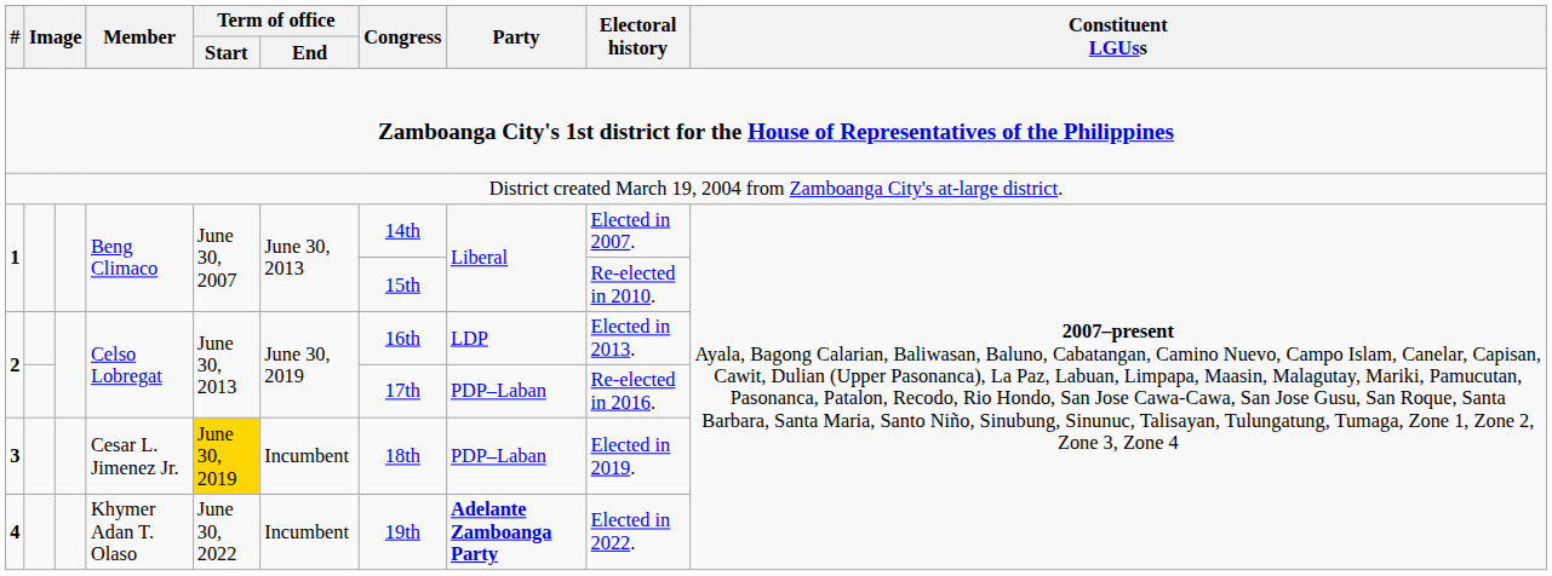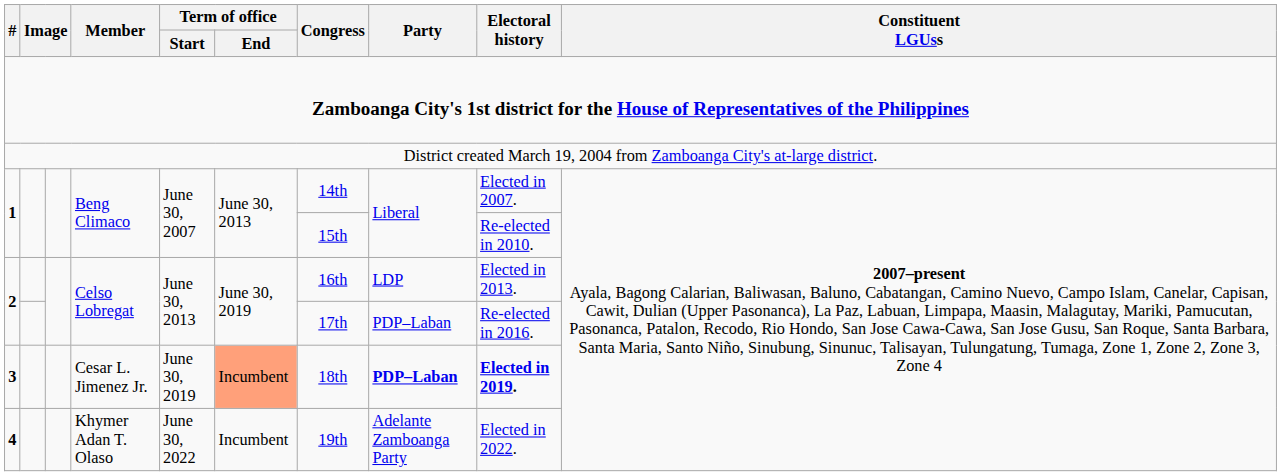 <table class=wikitable>
 <tr>
 <th rowspan="2">#</th>
 <th rowspan="2" colspan=2>Image</th>
 <th rowspan="2">Member</th>
 <th colspan=2>Term of office</th>
 <th rowspan="2">Congress</th>
 <th rowspan="2">Party</th>
 <th rowspan="2">Electoral history</th>
 <th rowspan="2">Constituent<br><a href='#'>LGUs</a>s</th>
 </tr>
 <tr>
 <th>Start</th>
 <th>End</th>
 </tr>
 <tr>
 <td colspan="10" style="text-align:center;"><br><h3>Zamboanga City's 1st district for the <a href='#'>House of Representatives of the Philippines</a></h3></td>
 </tr>
 <tr>
 <td colspan="10" style="text-align:center;">District created March 19, 2004 from <a href='#'>Zamboanga City's at-large district</a>.</td>
 </tr>
 <tr>
 <td rowspan="2" style="text-align:center;"><strong>1</strong></td>
 <td rowspan="2" style="color:inherit;background:"></td>
 <td rowspan="2"></td>
 <td rowspan="2"><a href='#'>Beng Climaco</a></td>
 <td rowspan="2">June 30, 2007</td>
 <td rowspan="2">June 30, 2013</td>
 <td style="text-align:center;"><a href='#'>14th</a></td>
 <td rowspan="2"><a href='#'>Liberal</a></td>
 <td><a href='#'>Elected in 2007</a>.</td>
 <td rowspan="6" style="text-align:center;"><strong>2007–present</strong><br>Ayala, Bagong Calarian, Baliwasan, Baluno, Cabatangan, Camino Nuevo, Campo Islam, Canelar, Capisan, Cawit, Dulian (Upper Pasonanca), La Paz, Labuan, Limpapa, Maasin, Malagutay, Mariki, Pamucutan, Pasonanca, Patalon, Recodo, Rio Hondo, San Jose Cawa-Cawa, San Jose Gusu, San Roque, Santa Barbara, Santa Maria, Santo Niño, Sinubung, Sinunuc, Talisayan, Tulungatung, Tumaga, Zone 1, Zone 2, Zone 3, Zone 4</td>
 </tr>
 <tr>
 <td style="text-align:center;"><a href='#'>15th</a></td>
 <td><a href='#'>Re-elected in 2010</a>.</td>
 </tr>
 <tr>
 <td rowspan="2" style="text-align:center;"><strong>2</strong></td>
 <td style="color:inherit;background:"></td>
 <td rowspan="2"></td>
 <td rowspan="2"><a href='#'>Celso Lobregat</a></td>
 <td rowspan="2">June 30, 2013</td>
 <td rowspan="2">June 30, 2019</td>
 <td style="text-align:center;"><a href='#'>16th</a></td>
 <td><a href='#'>LDP</a></td>
 <td><a href='#'>Elected in 2013</a>.</td>
 </tr>
 <tr>
 <td style="color:inherit;background:"></td>
 <td style="text-align:center;"><a href='#'>17th</a></td>
 <td><a href='#'>PDP–Laban</a></td>
 <td><a href='#'>Re-elected in 2016</a>.</td>
 </tr>
 <tr>
 <td style="text-align:center;"><strong>3</strong></td>
 <td style="color:inherit;background:"></td>
 <td></td>
 <td>Cesar L. Jimenez Jr.</td>
-<td style="background: gold;">June 30, 2019</td>
-<td>Incumbent</td>
+<td>June 30, 2019</td>
+<td style="background: lightsalmon;">Incumbent</td>
 <td style="text-align:center;"><a href='#'>18th</a></td>
-<td><a href='#'>PDP–Laban</a></td>
-<td><a href='#'>Elected in 2019</a>.</td>
+<td><strong><a href='#'>PDP–Laban</a></strong></td>
+<td><strong><a href='#'>Elected in 2019</a>.</strong></td>
 </tr>
 <tr>
 <td style="text-align:center;"><strong>4</strong></td>
 <td style="color:inherit;background:"></td>
 <td></td>
 <td>Khymer Adan T. Olaso</td>
 <td>June 30, 2022</td>
 <td>Incumbent</td>
 <td style="text-align:center;"><a href='#'>19th</a></td>
-<td><strong><a href='#'>Adelante Zamboanga Party</a></strong></td>
+<td><a href='#'>Adelante Zamboanga Party</a></td>
 <td><a href='#'>Elected in 2022</a>.</td>
 </tr>
 </table>
